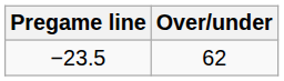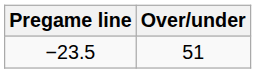 <table class="wikitable" style="margin-left: auto; margin-right: auto; border: none; display: inline-table;">
 <tr style="text-align:center">
 <th style=>Pregame line</th>
 <th style=>Over/under</th>
 </tr>
 <tr style="text-align:center">
 <td>−23.5</td>
-<td>62</td>
+<td>51</td>
 </tr>
 </table>
